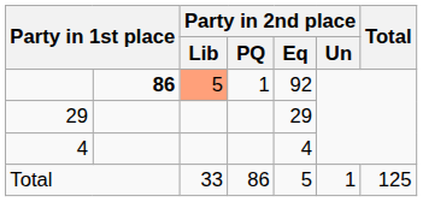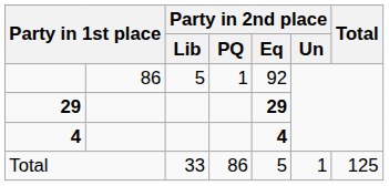 <table class="wikitable" style="text-align:right;">
 <tr>
 <th rowspan="2" colspan="2" style="text-align:left;">Party in 1st place</th>
 <th colspan="4">Party in 2nd place</th>
 <th rowspan="2">Total</th>
 </tr>
 <tr>
 <th>Lib</th>
 <th>PQ</th>
 <th>Eq</th>
 <th>Un</th>
 </tr>
 <tr>
 <td></td>
-<td><strong>86</strong></td>
-<td style="background: lightsalmon;">5</td>
+<td>86</td>
+<td>5</td>
 <td>1</td>
 <td>92</td>
 </tr>
 <tr>
-<td>29</td>
+<td><strong>29</strong></td>
 <td></td>
 <td></td>
 <td></td>
-<td>29</td>
+<td><strong>29</strong></td>
 </tr>
 <tr>
-<td>4</td>
+<td><strong>4</strong></td>
 <td></td>
 <td></td>
 <td></td>
-<td>4</td>
+<td><strong>4</strong></td>
 </tr>
 <tr>
 <td colspan="2" style="text-align:left;">Total</td>
 <td>33</td>
 <td>86</td>
 <td>5</td>
 <td>1</td>
 <td>125</td>
 </tr>
 </table>
